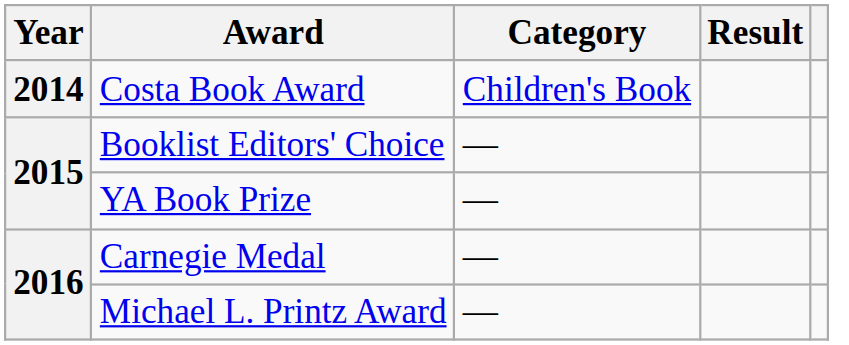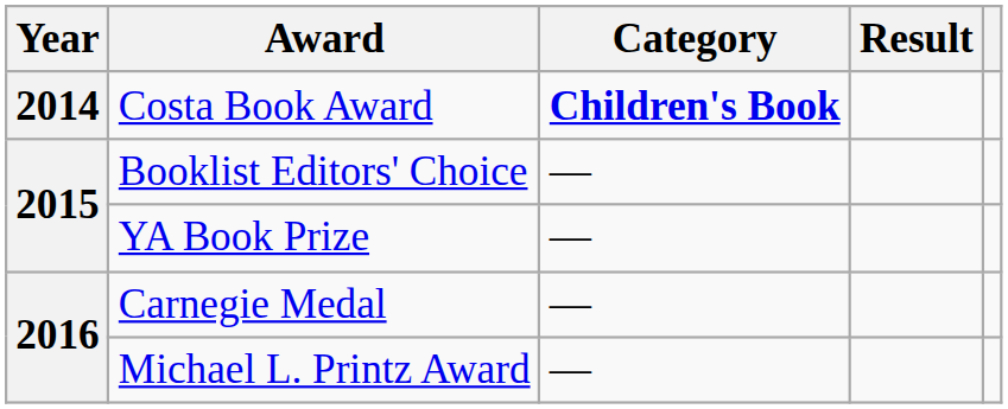 <table class="wikitable sortable mw-collapsible">
 <tr>
 <th>Year</th>
 <th>Award</th>
 <th>Category</th>
 <th>Result</th>
 <th></th>
 </tr>
 <tr>
 <th>2014</th>
 <td><a href='#'>Costa Book Award</a></td>
-<td><a href='#'>Children's Book</a></td>
+<td><strong><a href='#'>Children's Book</a></strong></td>
 <td></td>
 <td></td>
 </tr>
 <tr>
 <th rowspan="2">2015</th>
 <td><a href='#'>Booklist Editors' Choice</a></td>
 <td>—</td>
 <td></td>
 <td></td>
 </tr>
 <tr>
 <td><a href='#'>YA Book Prize</a></td>
 <td>—</td>
 <td></td>
 <td></td>
 </tr>
 <tr>
 <th rowspan="2">2016</th>
 <td><a href='#'>Carnegie Medal</a></td>
 <td>—</td>
 <td></td>
 <td></td>
 </tr>
 <tr>
 <td><a href='#'>Michael L. Printz Award</a></td>
 <td>—</td>
 <td></td>
 <td></td>
 </tr>
 </table>
